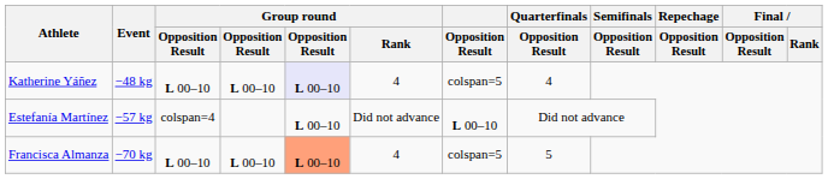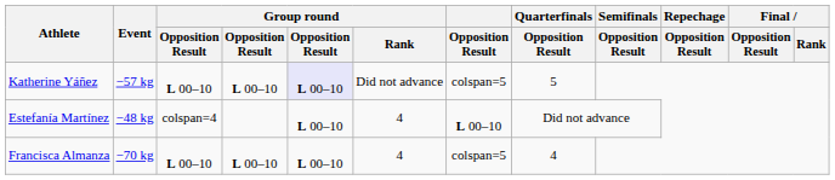 <table class="wikitable" style="font-size:90%">
 <tr>
 <th rowspan="2">Athlete</th>
 <th rowspan="2">Event</th>
 <th colspan="4">Group round</th>
 <th></th>
 <th>Quarterfinals</th>
 <th>Semifinals</th>
 <th>Repechage</th>
 <th colspan="2">Final / </th>
 </tr>
 <tr style="font-size:95%">
 <th>Opposition<br>Result</th>
 <th>Opposition<br>Result</th>
 <th>Opposition<br>Result</th>
 <th>Rank</th>
 <th>Opposition<br>Result</th>
 <th>Opposition<br>Result</th>
 <th>Opposition<br>Result</th>
 <th>Opposition<br>Result</th>
 <th>Opposition<br>Result</th>
 <th>Rank</th>
 </tr>
 <tr align=center>
 <td align=left><a href='#'>Katherine Yáñez</a></td>
-<td align=left><a href='#'>−48 kg</a></td>
+<td align=left><a href='#'>−57 kg</a></td>
 <td><br><strong>L</strong> 00–10</td>
 <td><br><strong>L</strong> 00–10</td>
 <td style="background: lavender;"><br><strong>L</strong> 00–10</td>
-<td>4</td>
+<td>Did not advance</td>
 <td>colspan=5 </td>
-<td>4</td>
+<td>5</td>
 </tr>
 <tr align=center>
 <td align=left><a href='#'>Estefanía Martínez</a></td>
-<td align=left><a href='#'>−57 kg</a></td>
+<td align=left><a href='#'>−48 kg</a></td>
 <td>colspan=4 </td>
 <td></td>
 <td><br><strong>L</strong> 00–10</td>
-<td>Did not advance</td>
+<td>4</td>
 <td><br><strong>L</strong> 00–10</td>
 <td colspan=2>Did not advance</td>
 </tr>
 <tr align=center>
 <td align=left><a href='#'>Francisca Almanza</a></td>
 <td align=left><a href='#'>−70 kg</a></td>
 <td><br><strong>L</strong> 00–10</td>
 <td><br><strong>L</strong> 00–10</td>
-<td style="background: lightsalmon;"><br><strong>L</strong> 00–10</td>
+<td><br><strong>L</strong> 00–10</td>
 <td>4</td>
 <td>colspan=5 </td>
-<td>5</td>
+<td>4</td>
 </tr>
 </table>
